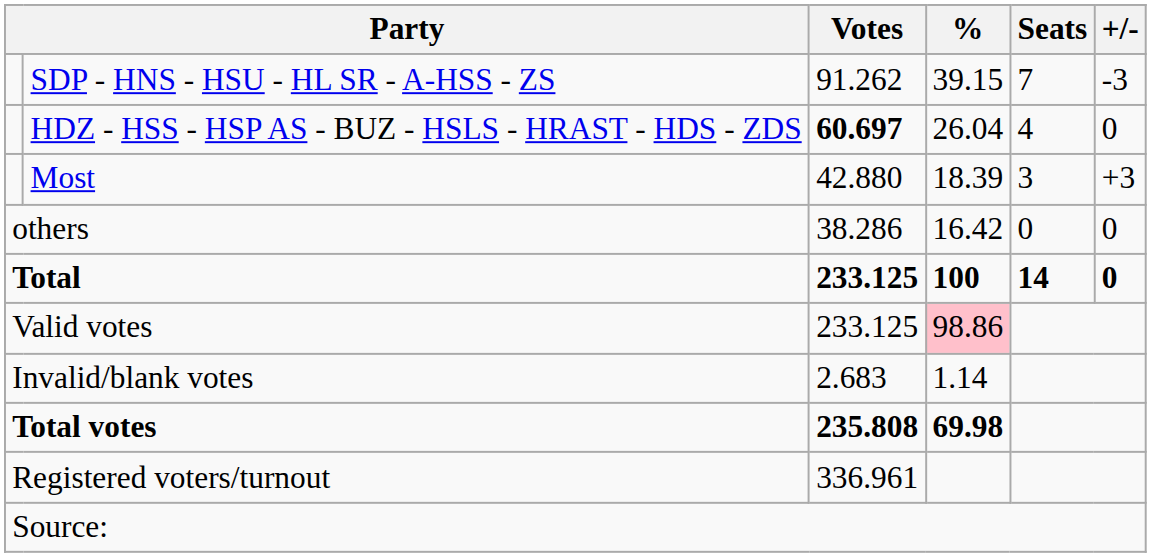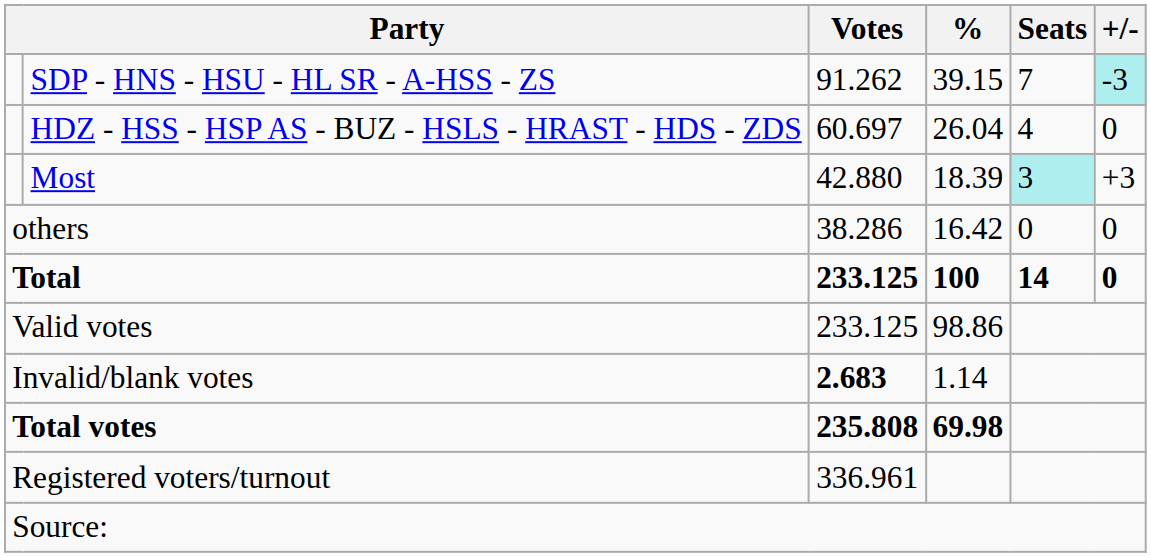 <table class="wikitable" style="text-align: left;">
 <tr>
 <th colspan="2">Party</th>
 <th>Votes</th>
 <th>%</th>
 <th>Seats</th>
 <th>+/-</th>
 </tr>
 <tr>
 <td width="2" style="background-color: "></td>
 <td><a href='#'>SDP</a> - <a href='#'>HNS</a> - <a href='#'>HSU</a> - <a href='#'>HL SR</a> - <a href='#'>A-HSS</a> - <a href='#'>ZS</a></td>
 <td>91.262</td>
 <td>39.15</td>
 <td>7</td>
-<td>-3</td>
+<td style="background: paleturquoise;">-3</td>
 </tr>
 <tr>
 <td style="background-color: "></td>
 <td><a href='#'>HDZ</a> - <a href='#'>HSS</a> - <a href='#'>HSP AS</a> - BUZ - <a href='#'>HSLS</a> - <a href='#'>HRAST</a> - <a href='#'>HDS</a> - <a href='#'>ZDS</a></td>
-<td><strong>60.697</strong></td>
+<td>60.697</td>
 <td>26.04</td>
 <td>4</td>
 <td>0</td>
 </tr>
 <tr>
 <td style="background-color: "></td>
 <td><a href='#'>Most</a></td>
 <td>42.880</td>
 <td>18.39</td>
-<td>3</td>
+<td style="background: paleturquoise;">3</td>
 <td>+3</td>
 </tr>
 <tr>
 <td colspan="2">others</td>
 <td>38.286</td>
 <td>16.42</td>
 <td>0</td>
 <td>0</td>
 </tr>
 <tr>
 <td colspan="2"><strong>Total</strong></td>
 <td><strong>233.125</strong></td>
 <td><strong>100</strong></td>
 <td><strong>14</strong></td>
 <td><strong>0</strong></td>
 </tr>
 <tr>
 <td colspan="2">Valid votes</td>
 <td>233.125</td>
-<td style="background: pink;">98.86</td>
+<td>98.86</td>
 <td colspan="2"></td>
 </tr>
 <tr>
 <td colspan="2">Invalid/blank votes</td>
-<td>2.683</td>
+<td><strong>2.683</strong></td>
 <td>1.14</td>
 <td colspan="2"></td>
 </tr>
 <tr>
 <td colspan="2"><strong>Total votes</strong></td>
 <td><strong>235.808</strong></td>
 <td><strong>69.98</strong></td>
 <td colspan="2"></td>
 </tr>
 <tr>
 <td colspan="2">Registered voters/turnout</td>
 <td votes14="5343">336.961</td>
 <td></td>
 <td colspan="2"></td>
 </tr>
 <tr>
 <td colspan="6">Source: </td>
 </tr>
 </table>
